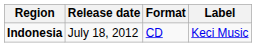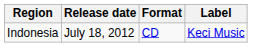 <table class="wikitable">
 <tr>
 <th>Region </th>
 <th>Release date</th>
 <th>Format</th>
 <th>Label</th>
 </tr>
 <tr>
-<td rowspan="1"><strong>Indonesia</strong></td>
+<td rowspan="1">Indonesia</td>
 <td rowspan="3">July 18, 2012</td>
 <td rowspan="3"><a href='#'>CD</a></td>
 <td rowspan="4"><a href='#'>Keci Music</a></td>
 </tr>
 </table>
